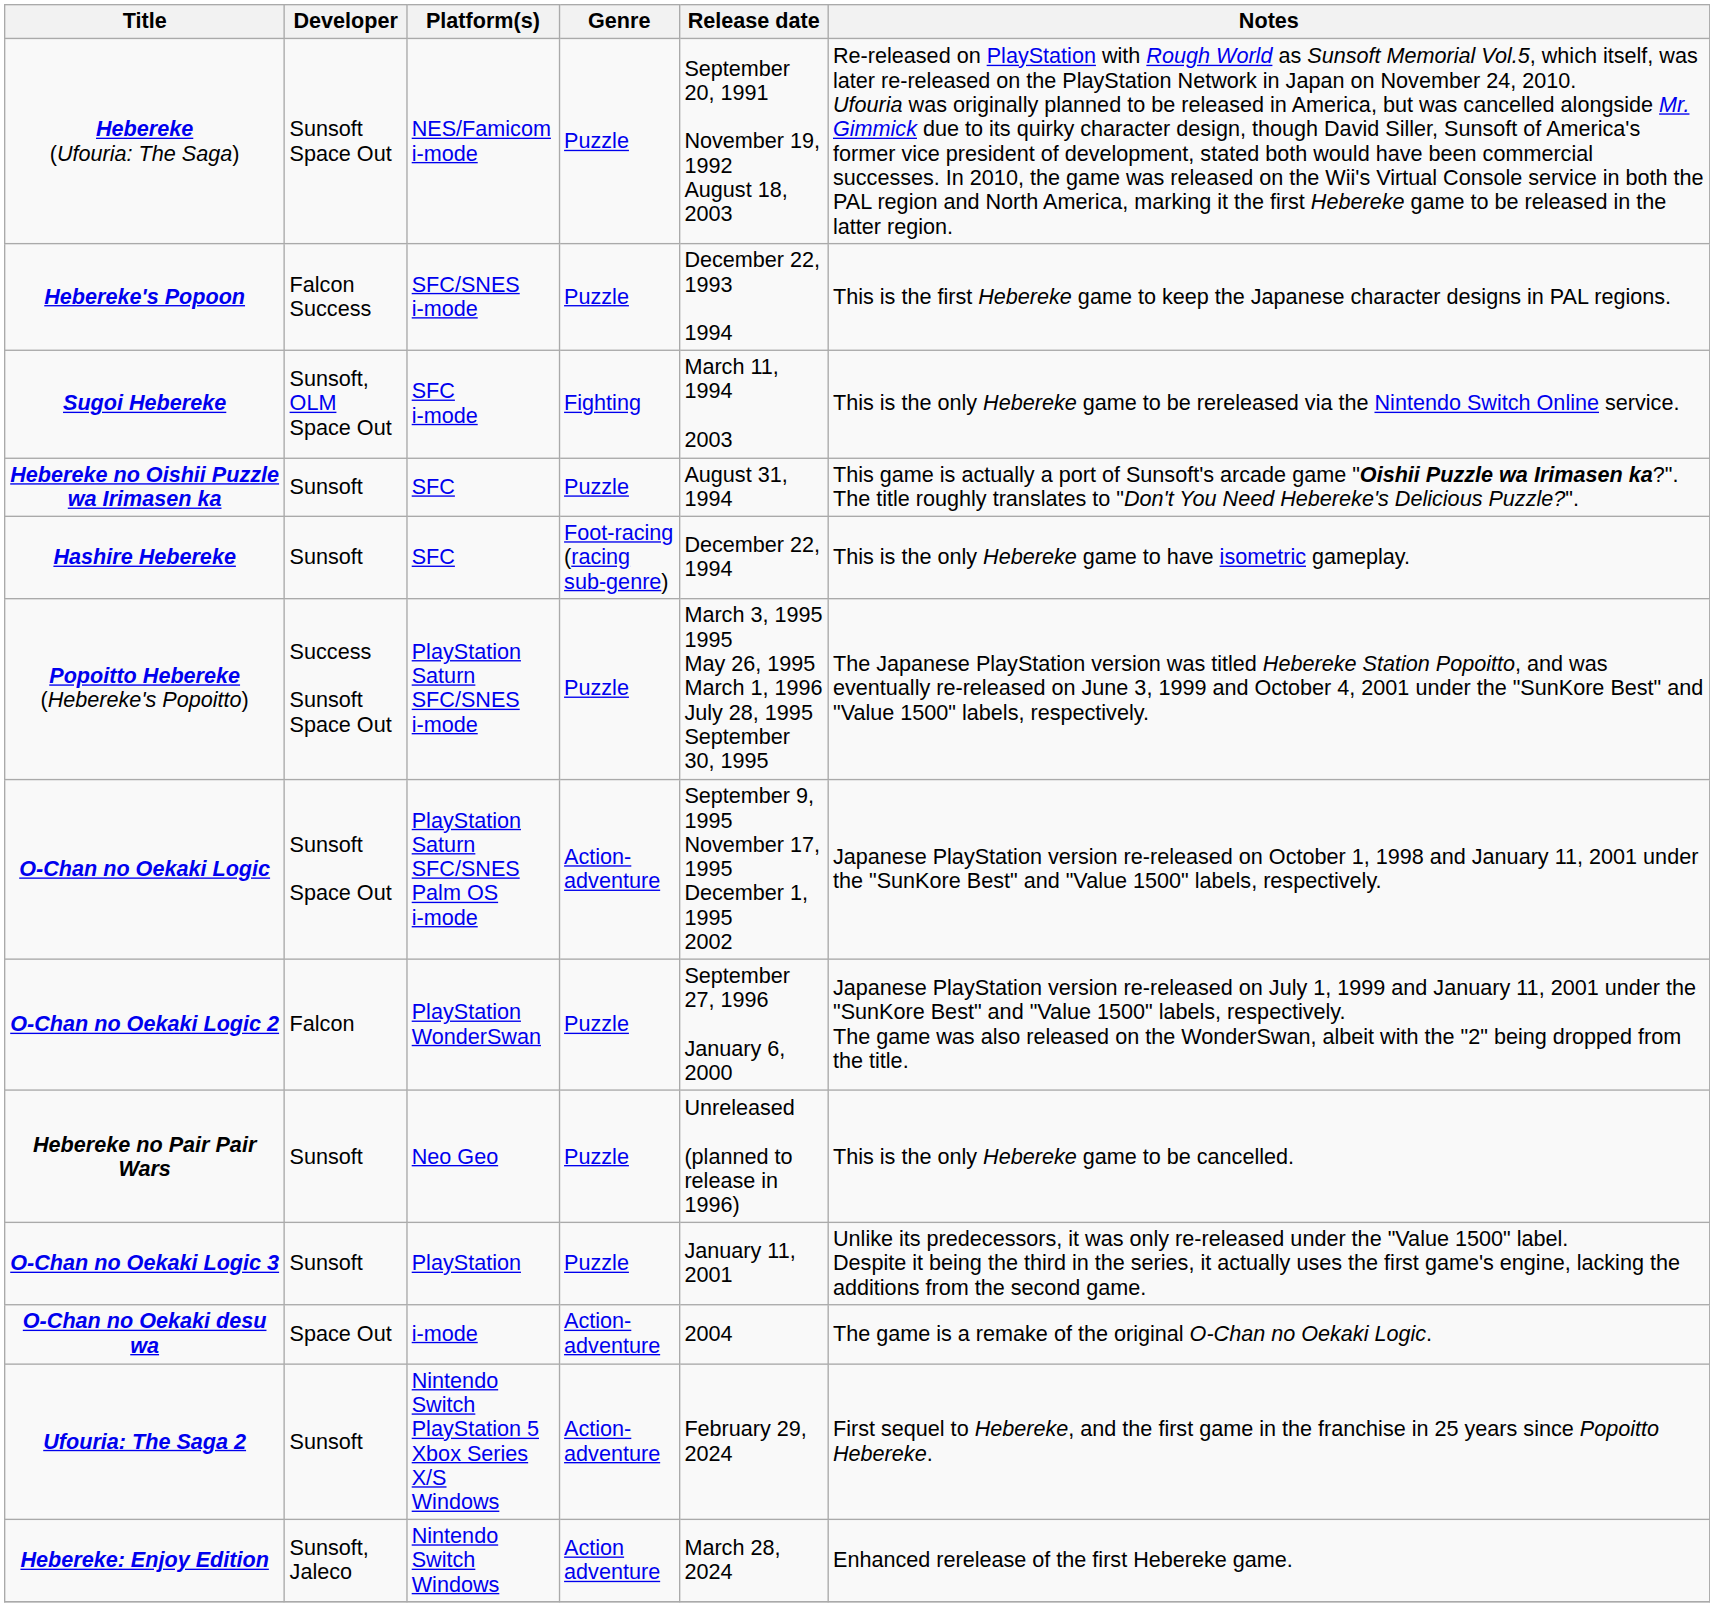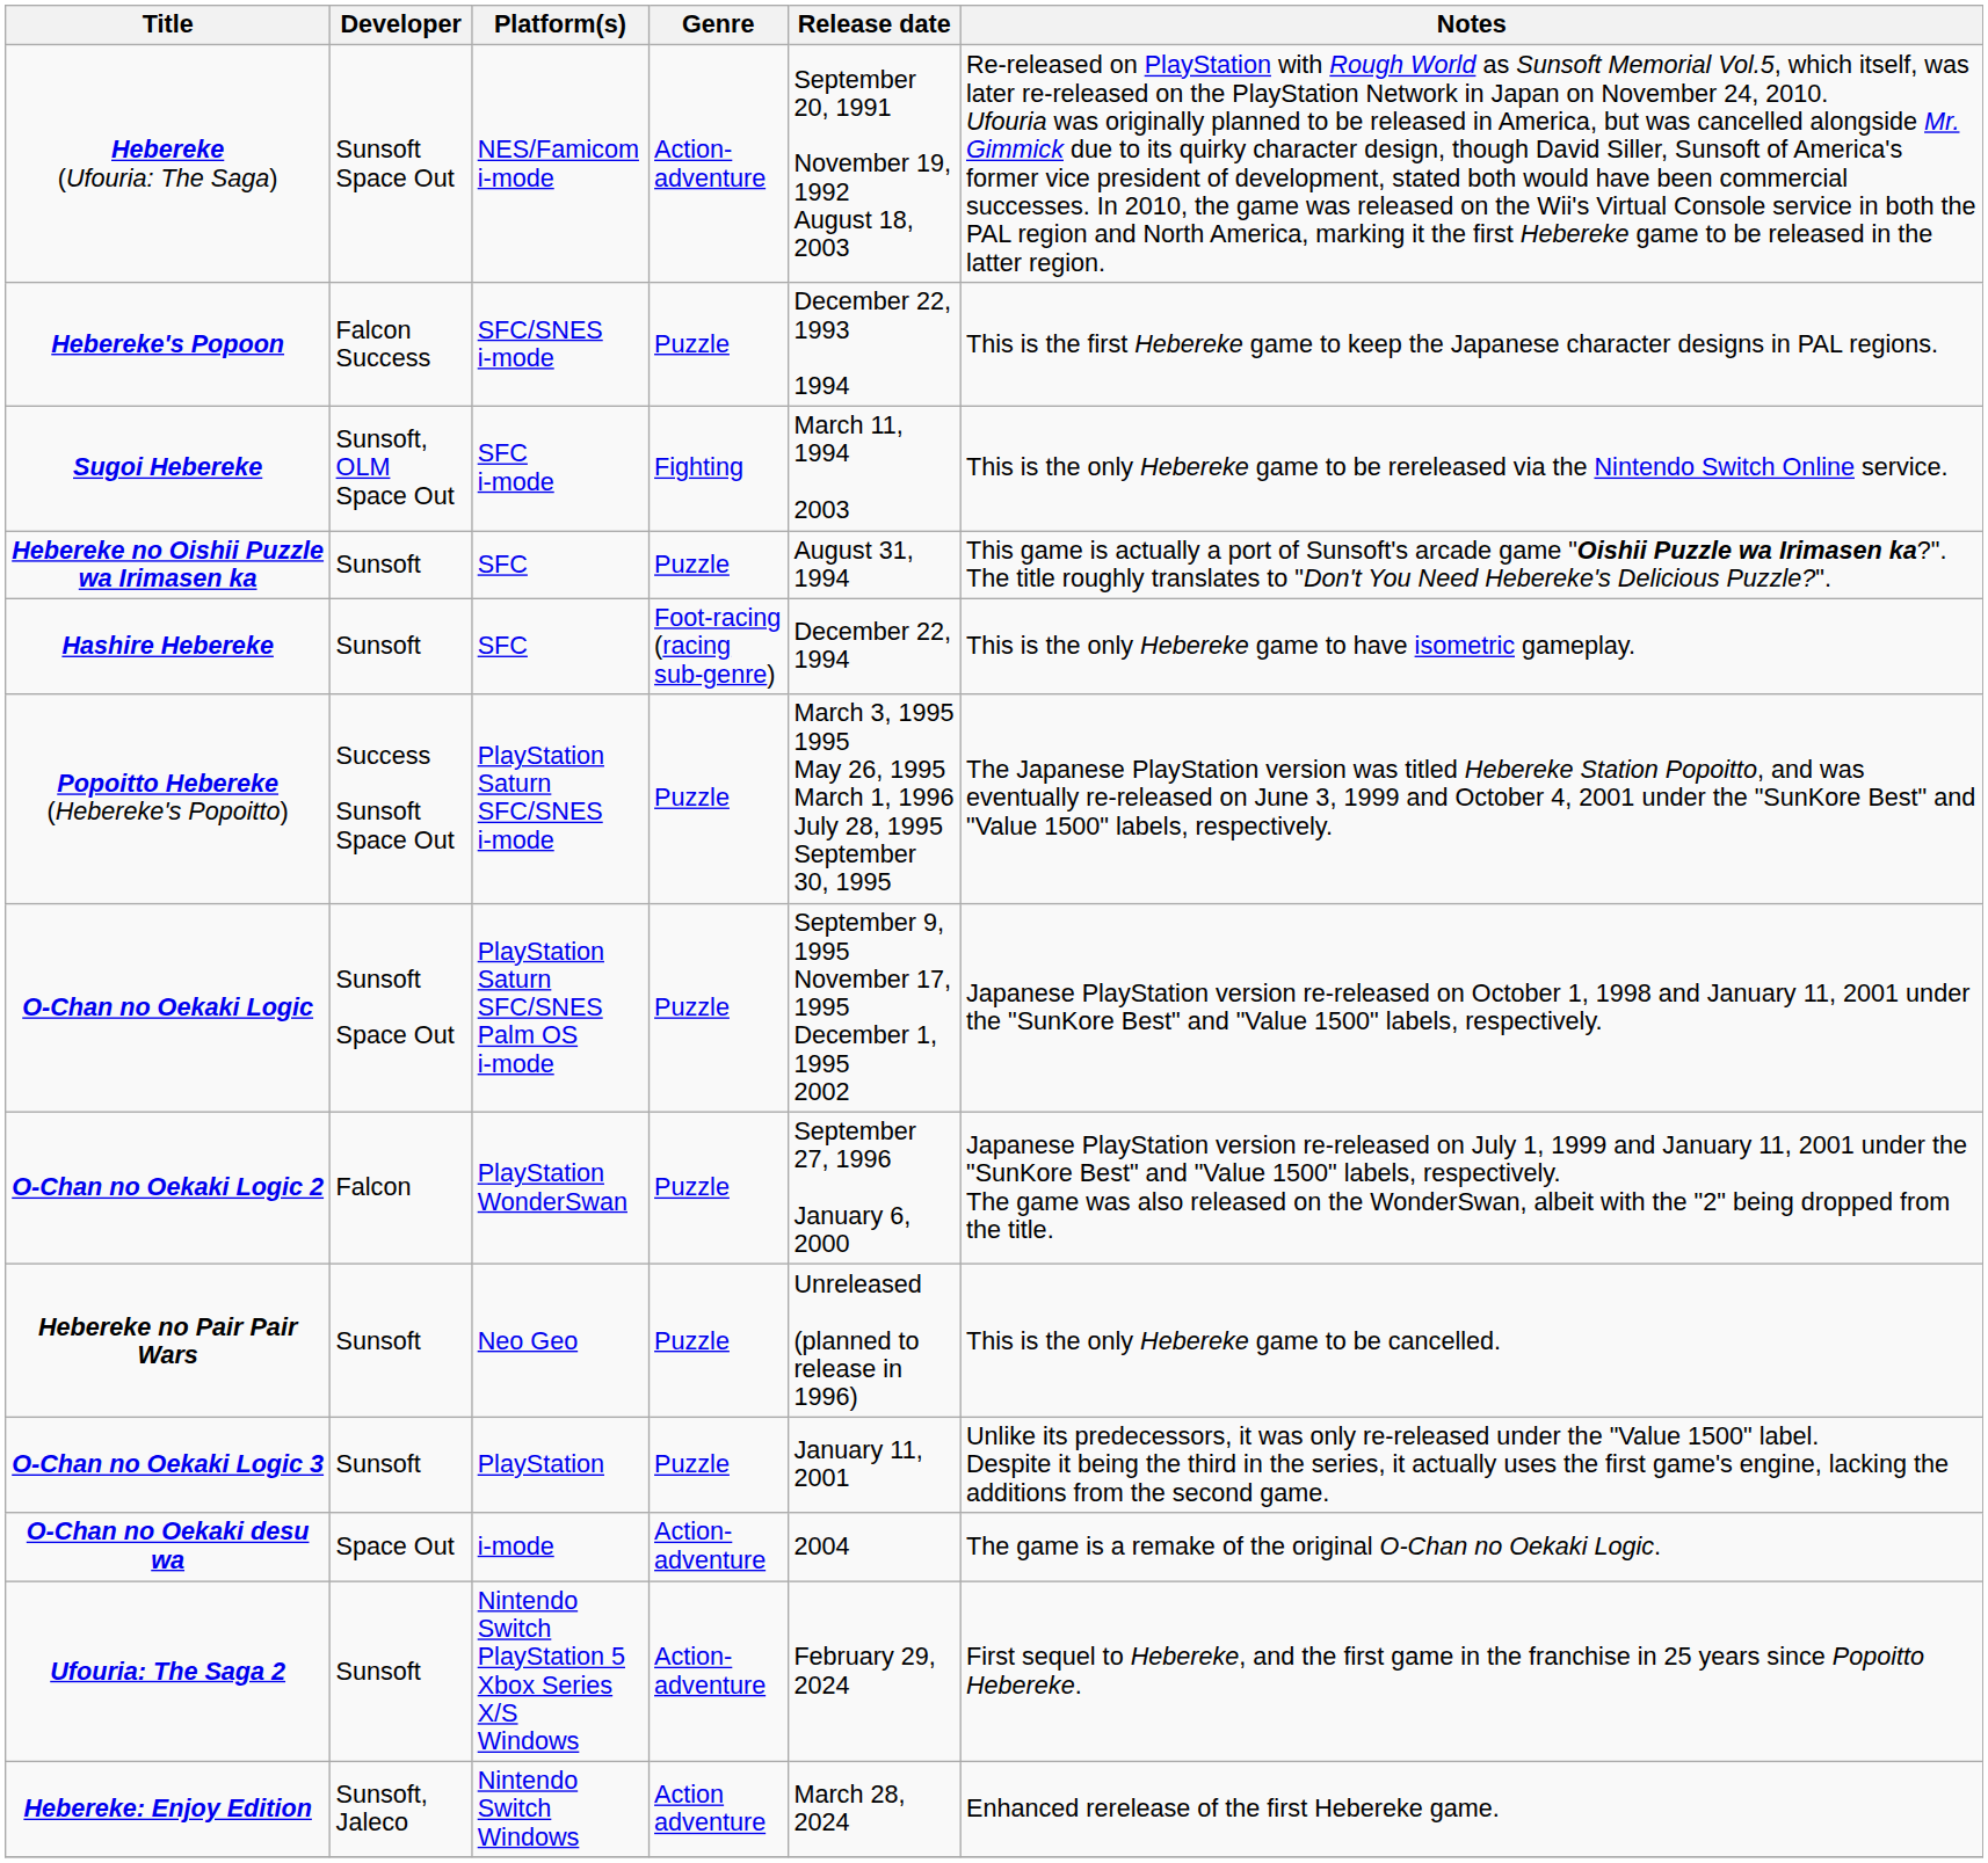 <table class="wikitable" style="margin: 1em auto 1em auto;width:100%;">
 <tr>
 <th>Title</th>
 <th>Developer</th>
 <th>Platform(s)</th>
 <th>Genre</th>
 <th>Release date</th>
 <th>Notes</th>
 </tr>
 <tr>
 <td width="200pt" valign="center" align="center"><strong><em><a href='#'>Hebereke</a></em></strong><br>(<em>Ufouria: The Saga</em>)</td>
 <td>Sunsoft<br>Space Out</td>
 <td><a href='#'>NES/Famicom</a><br><a href='#'>i-mode</a></td>
-<td><a href='#'>Puzzle</a></td>
+<td><a href='#'>Action-adventure</a></td>
 <td>September 20, 1991<br><br>November 19, 1992<br>August 18, 2003</td>
 <td>Re-released on <a href='#'>PlayStation</a> with <em><a href='#'>Rough World</a></em> as <em>Sunsoft Memorial Vol.5</em>, which itself, was later re-released on the PlayStation Network in Japan on November 24, 2010.<br><em>Ufouria</em> was originally planned to be released in America, but was cancelled alongside <em><a href='#'>Mr. Gimmick</a></em> due to its quirky character design, though David Siller, Sunsoft of America's former vice president of development, stated both would have been commercial successes. In 2010, the game was released on the Wii's Virtual Console service in both the PAL region and North America, marking it the first <em>Hebereke</em> game to be released in the latter region.</td>
 </tr>
 <tr>
 <td width="200pt" valign="center" align="center"><strong><em><a href='#'>Hebereke's Popoon</a></em></strong></td>
 <td>Falcon<br>Success</td>
 <td><a href='#'>SFC/SNES</a><br><a href='#'>i-mode</a></td>
 <td><a href='#'>Puzzle</a></td>
 <td>December 22, 1993<br><br>1994<br></td>
 <td>This is the first <em>Hebereke</em> game to keep the Japanese character designs in PAL regions.</td>
 </tr>
 <tr>
 <td width="200pt" valign="center" align="center"><strong><em><a href='#'>Sugoi Hebereke</a></em></strong></td>
 <td>Sunsoft, <a href='#'>OLM</a><br>Space Out</td>
 <td><a href='#'>SFC</a><br><a href='#'>i-mode</a></td>
 <td><a href='#'>Fighting</a></td>
 <td>March 11, 1994<br><br>2003</td>
 <td>This is the only <em>Hebereke</em> game to be rereleased via the <a href='#'>Nintendo Switch Online</a> service.</td>
 </tr>
 <tr>
 <td width="200pt" valign="center" align="center"><strong><em><a href='#'>Hebereke no Oishii Puzzle wa Irimasen ka</a></em></strong></td>
 <td>Sunsoft</td>
 <td><a href='#'>SFC</a></td>
 <td><a href='#'>Puzzle</a></td>
 <td>August 31, 1994</td>
 <td>This game is actually a port of Sunsoft's arcade game "<strong><em>Oishii Puzzle wa Irimasen ka</em></strong>?".<br>The title roughly translates to "<em>Don't You Need Hebereke's Delicious Puzzle?</em>".</td>
 </tr>
 <tr>
 <td width="200pt" valign="center" align="center"><strong><em><a href='#'>Hashire Hebereke</a></em></strong></td>
 <td>Sunsoft</td>
 <td><a href='#'>SFC</a></td>
 <td><a href='#'>Foot-racing</a><br>(<a href='#'>racing</a> <a href='#'>sub-genre</a>)</td>
 <td>December 22, 1994</td>
 <td>This is the only <em>Hebereke</em> game to have <a href='#'>isometric</a> gameplay.</td>
 </tr>
 <tr>
 <td width="200pt" valign="center" align="center"><strong><em><a href='#'>Popoitto Hebereke</a></em></strong><br>(<em>Hebereke's Popoitto</em>)</td>
 <td>Success<br><br>Sunsoft<br>Space Out</td>
 <td><a href='#'>PlayStation</a><br><a href='#'>Saturn</a><br><a href='#'>SFC/SNES</a><br><a href='#'>i-mode</a></td>
 <td><a href='#'>Puzzle</a></td>
 <td>March 3, 1995<br>1995<br>May 26, 1995<br>March 1, 1996<br>July 28, 1995<br>September 30, 1995<br></td>
 <td>The Japanese PlayStation version was titled <em>Hebereke Station Popoitto</em>, and was eventually re-released on June 3, 1999 and October 4, 2001 under the "SunKore Best" and "Value 1500" labels, respectively.</td>
 </tr>
 <tr>
 <td width="200pt" valign="center" align="center"><strong><em><a href='#'>O-Chan no Oekaki Logic</a></em></strong></td>
 <td>Sunsoft<br><br>Space Out</td>
 <td><a href='#'>PlayStation</a><br><a href='#'>Saturn</a><br><a href='#'>SFC/SNES</a><br><a href='#'>Palm OS</a><br><a href='#'>i-mode</a></td>
-<td><a href='#'>Action-adventure</a></td>
+<td><a href='#'>Puzzle</a></td>
 <td>September 9, 1995<br>November 17, 1995<br> December 1, 1995<br>2002</td>
 <td>Japanese PlayStation version re-released on October 1, 1998 and January 11, 2001 under the "SunKore Best" and "Value 1500" labels, respectively.</td>
 </tr>
 <tr>
 <td width="200pt" valign="center" align="center"><strong><em><a href='#'>O-Chan no Oekaki Logic 2</a></em></strong></td>
 <td>Falcon</td>
 <td><a href='#'>PlayStation</a><br><a href='#'>WonderSwan</a></td>
 <td><a href='#'>Puzzle</a></td>
 <td>September 27, 1996<br><br>January 6, 2000</td>
 <td>Japanese PlayStation version re-released on July 1, 1999 and January 11, 2001 under the "SunKore Best" and "Value 1500" labels, respectively.<br>The game was also released on the WonderSwan, albeit with the "2" being dropped from the title.</td>
 </tr>
 <tr>
 <td width="200pt" valign="center" align="center"><strong><em>Hebereke no Pair Pair Wars</em></strong></td>
 <td>Sunsoft</td>
 <td><a href='#'>Neo Geo</a></td>
 <td><a href='#'>Puzzle</a></td>
 <td>Unreleased<br><br>(planned to release in 1996)</td>
 <td>This is the only <em>Hebereke</em> game to be cancelled.</td>
 </tr>
 <tr>
 <td width="200pt" valign="center" align="center"><strong><em><a href='#'>O-Chan no Oekaki Logic 3</a></em></strong></td>
 <td>Sunsoft</td>
 <td><a href='#'>PlayStation</a></td>
 <td><a href='#'>Puzzle</a></td>
 <td>January 11, 2001</td>
 <td>Unlike its predecessors, it was only re-released under the "Value 1500" label.<br>Despite it being the third in the series, it actually uses the first game's engine, lacking the additions from the second game.</td>
 </tr>
 <tr>
 <td width="200pt" valign="center" align="center"><strong><em><a href='#'>O-Chan no Oekaki desu wa</a></em></strong></td>
 <td>Space Out</td>
 <td><a href='#'>i-mode</a></td>
 <td><a href='#'>Action-adventure</a></td>
 <td>2004</td>
 <td>The game is a remake of the original <em>O-Chan no Oekaki Logic</em>.</td>
 </tr>
 <tr>
 <td width="200pt" valign="center" align="center"><strong><em><a href='#'>Ufouria: The Saga 2</a></em></strong></td>
 <td>Sunsoft</td>
 <td><a href='#'>Nintendo Switch</a><br><a href='#'>PlayStation 5</a><br><a href='#'>Xbox Series X/S</a><br><a href='#'>Windows</a></td>
 <td><a href='#'>Action-adventure</a></td>
 <td>February 29, 2024</td>
 <td>First sequel to <em>Hebereke</em>, and the first game in the franchise in 25 years since <em>Popoitto Hebereke</em>.</td>
 </tr>
 <tr>
 <td width="200pt" valign="center" align="center"><strong><em><a href='#'>Hebereke: Enjoy Edition</a></em></strong></td>
 <td>Sunsoft, Jaleco</td>
 <td><a href='#'>Nintendo Switch</a><br><a href='#'>Windows</a></td>
 <td><a href='#'>Action adventure</a></td>
 <td>March 28, 2024</td>
 <td>Enhanced rerelease of the first Hebereke game.</td>
 </tr>
 <tr>
 </tr>
 </table>
